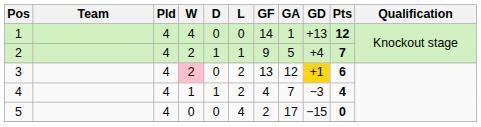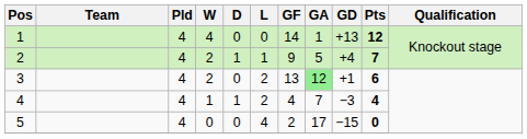 <table class="wikitable" border="1" style="text-align: center;">
 <tr>
 <th width="25"><abbr>Pos</abbr></th>
 <th width="150">Team</th>
 <th width="25"><abbr>Pld</abbr></th>
 <th width="25"><abbr>W</abbr></th>
 <th width="25"><abbr>D</abbr></th>
 <th width="25"><abbr>L</abbr></th>
 <th width="25"><abbr>GF</abbr></th>
 <th width="25"><abbr>GA</abbr></th>
 <th width="25"><abbr>GD</abbr></th>
 <th width="25"><abbr>Pts</abbr></th>
 <th width="150">Qualification</th>
 </tr>
 <tr bgcolor= #D0F0C0>
 <td>1</td>
 <td align="left"></td>
 <td>4</td>
 <td>4</td>
 <td>0</td>
 <td>0</td>
 <td>14</td>
 <td>1</td>
 <td>+13</td>
 <td><strong>12</strong></td>
 <td rowspan=2>Knockout stage</td>
 </tr>
 <tr bgcolor= #D0F0C0>
 <td>2</td>
 <td align="left"></td>
 <td>4</td>
 <td>2</td>
 <td>1</td>
 <td>1</td>
 <td>9</td>
 <td>5</td>
 <td>+4</td>
 <td><strong>7</strong></td>
 </tr>
 <tr>
 <td>3</td>
 <td align="left"></td>
 <td>4</td>
-<td style="background: pink;">2</td>
+<td>2</td>
 <td>0</td>
 <td>2</td>
 <td>13</td>
-<td>12</td>
-<td style="background: gold;">+1</td>
+<td style="background: lightgreen;">12</td>
+<td>+1</td>
 <td><strong>6</strong></td>
 </tr>
 <tr>
 <td>4</td>
 <td align="left"></td>
 <td>4</td>
 <td>1</td>
 <td>1</td>
 <td>2</td>
 <td>4</td>
 <td>7</td>
 <td>−3</td>
 <td><strong>4</strong></td>
 </tr>
 <tr>
 <td>5</td>
 <td align="left"></td>
 <td>4</td>
 <td>0</td>
 <td>0</td>
 <td>4</td>
 <td>2</td>
 <td>17</td>
 <td>−15</td>
 <td><strong>0</strong></td>
 </tr>
 <tr>
 </tr>
 </table>
